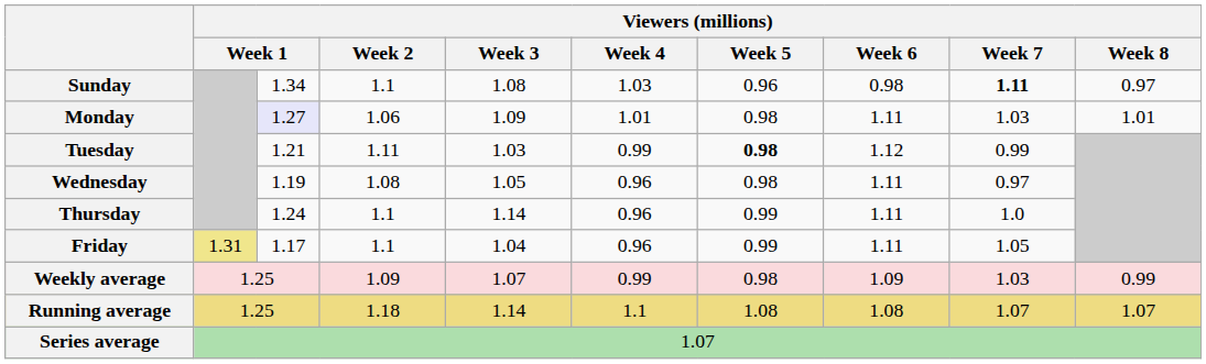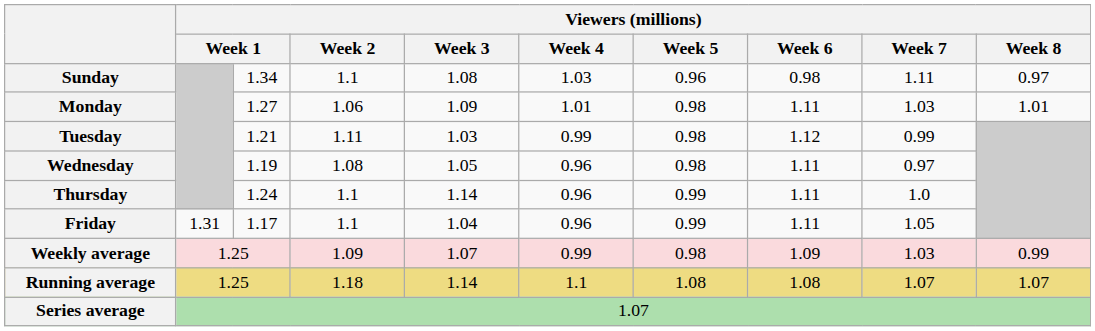 <table class="wikitable" style="font-size:90%; text-align:center; width: 100%; margin-left: auto; margin-right: auto;">
 <tr>
 <th scope="col" rowspan="2" style="width:12%;"></th>
 <th scope=col colspan=10>Viewers (millions)</th>
 </tr>
 <tr>
 <th colspan="2" style="width:8%;">Week 1</th>
 <th style="width:8%;">Week 2</th>
 <th style="width:8%;">Week 3</th>
 <th style="width:8%;">Week 4</th>
 <th style="width:8%;">Week 5</th>
 <th style="width:8%;">Week 6</th>
 <th style="width:8%;">Week 7</th>
 <th style="width:8%;">Week 8</th>
 </tr>
 <tr>
 <th>Sunday</th>
 <td style="background:#ccc;" rowspan="5"></td>
 <td>1.34</td>
 <td>1.1</td>
 <td>1.08</td>
 <td>1.03</td>
 <td>0.96</td>
 <td>0.98</td>
-<td><strong>1.11</strong></td>
+<td>1.11</td>
 <td>0.97</td>
 </tr>
 <tr>
 <th>Monday</th>
-<td style="background: lavender;">1.27</td>
+<td>1.27</td>
 <td>1.06</td>
 <td>1.09</td>
 <td>1.01</td>
 <td>0.98</td>
 <td>1.11</td>
 <td>1.03</td>
 <td>1.01</td>
 </tr>
 <tr>
 <th>Tuesday</th>
 <td>1.21</td>
 <td>1.11</td>
 <td>1.03</td>
 <td>0.99</td>
-<td><strong>0.98</strong></td>
+<td>0.98</td>
 <td>1.12</td>
 <td>0.99</td>
 <td style="background:#ccc;" rowspan="4"></td>
 </tr>
 <tr>
 <th>Wednesday</th>
 <td>1.19</td>
 <td>1.08</td>
 <td>1.05</td>
 <td>0.96</td>
 <td>0.98</td>
 <td>1.11</td>
 <td>0.97</td>
 </tr>
 <tr>
 <th>Thursday</th>
 <td>1.24</td>
 <td>1.1</td>
 <td>1.14</td>
 <td>0.96</td>
 <td>0.99</td>
 <td>1.11</td>
 <td>1.0</td>
 </tr>
 <tr>
 <th>Friday</th>
-<td style="background: khaki;">1.31</td>
+<td>1.31</td>
 <td>1.17</td>
 <td>1.1</td>
 <td>1.04</td>
 <td>0.96</td>
 <td>0.99</td>
 <td>1.11</td>
 <td>1.05</td>
 </tr>
 <tr style="background:#FADADD;" |>
 <th>Weekly average</th>
 <td colspan="2">1.25</td>
 <td>1.09</td>
 <td>1.07</td>
 <td>0.99</td>
 <td>0.98</td>
 <td>1.09</td>
 <td>1.03</td>
 <td>0.99</td>
 </tr>
 <tr style="background:#EEDC82;" |>
 <th>Running average</th>
 <td colspan="2">1.25</td>
 <td>1.18</td>
 <td>1.14</td>
 <td>1.1</td>
 <td>1.08</td>
 <td>1.08</td>
 <td>1.07</td>
 <td>1.07</td>
 </tr>
 <tr style="background:#ADDFAD;" |>
 <th>Series average</th>
 <td colspan="10">1.07</td>
 </tr>
 </table>
